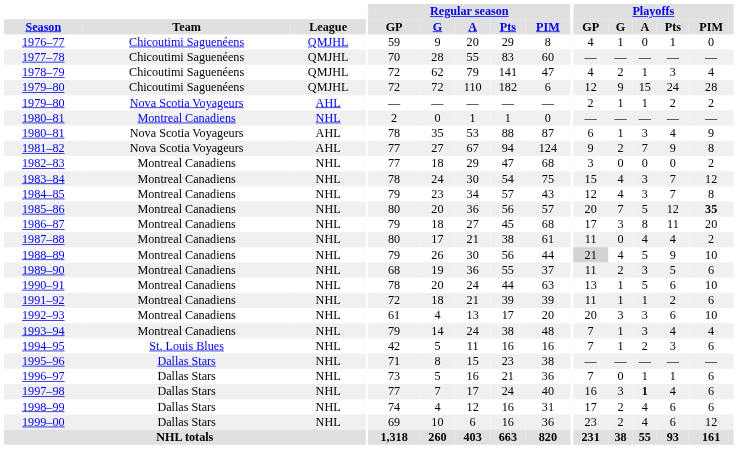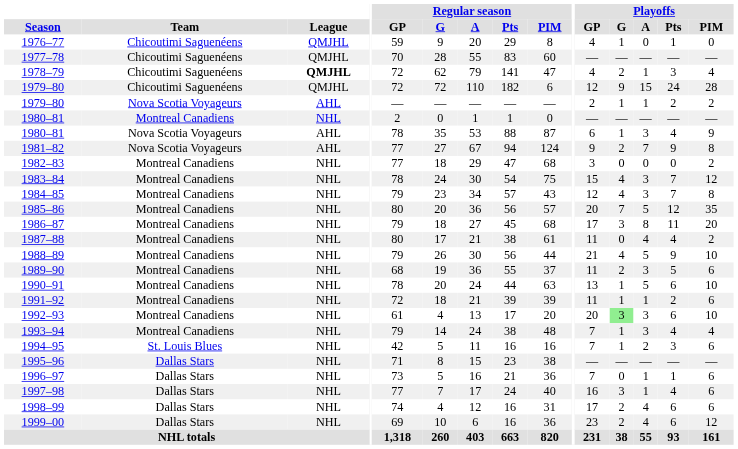 <table border="0" cellpadding="1" cellspacing="0" style="text-align:center; width:60em">
 <tr bgcolor="#e0e0e0">
 <th colspan="3" bgcolor="#ffffff"></th>
 <th rowspan="100" bgcolor="#ffffff"></th>
 <th colspan="5"><a href='#'>Regular season</a></th>
 <th rowspan="100" bgcolor="#ffffff"></th>
 <th colspan="5"><a href='#'>Playoffs</a></th>
 </tr>
 <tr bgcolor="#e0e0e0">
 <th><a href='#'>Season</a></th>
 <th>Team</th>
 <th>League</th>
 <th>GP</th>
 <th><a href='#'>G</a></th>
 <th><a href='#'>A</a></th>
 <th><a href='#'>Pts</a></th>
 <th><a href='#'>PIM</a></th>
 <th>GP</th>
 <th>G</th>
 <th>A</th>
 <th>Pts</th>
 <th>PIM</th>
 </tr>
 <tr>
 <td><a href='#'>1976–77</a></td>
 <td><a href='#'>Chicoutimi Saguenéens</a></td>
 <td><a href='#'>QMJHL</a></td>
 <td>59</td>
 <td>9</td>
 <td>20</td>
 <td>29</td>
 <td>8</td>
 <td>4</td>
 <td>1</td>
 <td>0</td>
 <td>1</td>
 <td>0</td>
 </tr>
 <tr bgcolor="#f0f0f0">
 <td><a href='#'>1977–78</a></td>
 <td>Chicoutimi Saguenéens</td>
 <td>QMJHL</td>
 <td>70</td>
 <td>28</td>
 <td>55</td>
 <td>83</td>
 <td>60</td>
 <td>—</td>
 <td>—</td>
 <td>—</td>
 <td>—</td>
 <td>—</td>
 </tr>
 <tr>
 <td><a href='#'>1978–79</a></td>
 <td>Chicoutimi Saguenéens</td>
-<td>QMJHL</td>
+<td><strong>QMJHL</strong></td>
 <td>72</td>
 <td>62</td>
 <td>79</td>
 <td>141</td>
 <td>47</td>
 <td>4</td>
 <td>2</td>
 <td>1</td>
 <td>3</td>
 <td>4</td>
 </tr>
 <tr bgcolor="#f0f0f0">
 <td><a href='#'>1979–80</a></td>
 <td>Chicoutimi Saguenéens</td>
 <td>QMJHL</td>
 <td>72</td>
 <td>72</td>
 <td>110</td>
 <td>182</td>
 <td>6</td>
 <td>12</td>
 <td>9</td>
 <td>15</td>
 <td>24</td>
 <td>28</td>
 </tr>
 <tr>
 <td><a href='#'>1979–80</a></td>
 <td><a href='#'>Nova Scotia Voyageurs</a></td>
 <td><a href='#'>AHL</a></td>
 <td>—</td>
 <td>—</td>
 <td>—</td>
 <td>—</td>
 <td>—</td>
 <td>2</td>
 <td>1</td>
 <td>1</td>
 <td>2</td>
 <td>2</td>
 </tr>
 <tr bgcolor="#f0f0f0">
 <td><a href='#'>1980–81</a></td>
 <td><a href='#'>Montreal Canadiens</a></td>
 <td><a href='#'>NHL</a></td>
 <td>2</td>
 <td>0</td>
 <td>1</td>
 <td>1</td>
 <td>0</td>
 <td>—</td>
 <td>—</td>
 <td>—</td>
 <td>—</td>
 <td>—</td>
 </tr>
 <tr>
 <td><a href='#'>1980–81</a></td>
 <td>Nova Scotia Voyageurs</td>
 <td>AHL</td>
 <td>78</td>
 <td>35</td>
 <td>53</td>
 <td>88</td>
 <td>87</td>
 <td>6</td>
 <td>1</td>
 <td>3</td>
 <td>4</td>
 <td>9</td>
 </tr>
 <tr bgcolor="#f0f0f0">
 <td><a href='#'>1981–82</a></td>
 <td>Nova Scotia Voyageurs</td>
 <td>AHL</td>
 <td>77</td>
 <td>27</td>
 <td>67</td>
 <td>94</td>
 <td>124</td>
 <td>9</td>
 <td>2</td>
 <td>7</td>
 <td>9</td>
 <td>8</td>
 </tr>
 <tr>
 <td><a href='#'>1982–83</a></td>
 <td>Montreal Canadiens</td>
 <td>NHL</td>
 <td>77</td>
 <td>18</td>
 <td>29</td>
 <td>47</td>
 <td>68</td>
 <td>3</td>
 <td>0</td>
 <td>0</td>
 <td>0</td>
 <td>2</td>
 </tr>
 <tr bgcolor="#f0f0f0">
 <td><a href='#'>1983–84</a></td>
 <td>Montreal Canadiens</td>
 <td>NHL</td>
 <td>78</td>
 <td>24</td>
 <td>30</td>
 <td>54</td>
 <td>75</td>
 <td>15</td>
 <td>4</td>
 <td>3</td>
 <td>7</td>
 <td>12</td>
 </tr>
 <tr>
 <td><a href='#'>1984–85</a></td>
 <td>Montreal Canadiens</td>
 <td>NHL</td>
 <td>79</td>
 <td>23</td>
 <td>34</td>
 <td>57</td>
 <td>43</td>
 <td>12</td>
 <td>4</td>
 <td>3</td>
 <td>7</td>
 <td>8</td>
 </tr>
 <tr bgcolor="#f0f0f0">
 <td><a href='#'>1985–86</a></td>
 <td>Montreal Canadiens</td>
 <td>NHL</td>
 <td>80</td>
 <td>20</td>
 <td>36</td>
 <td>56</td>
 <td>57</td>
 <td>20</td>
 <td>7</td>
 <td>5</td>
 <td>12</td>
-<td><strong>35</strong></td>
+<td>35</td>
 </tr>
 <tr>
 <td><a href='#'>1986–87</a></td>
 <td>Montreal Canadiens</td>
 <td>NHL</td>
 <td>79</td>
 <td>18</td>
 <td>27</td>
 <td>45</td>
 <td>68</td>
 <td>17</td>
 <td>3</td>
 <td>8</td>
 <td>11</td>
 <td>20</td>
 </tr>
 <tr bgcolor="#f0f0f0">
 <td><a href='#'>1987–88</a></td>
 <td>Montreal Canadiens</td>
 <td>NHL</td>
 <td>80</td>
 <td>17</td>
 <td>21</td>
 <td>38</td>
 <td>61</td>
 <td>11</td>
 <td>0</td>
 <td>4</td>
 <td>4</td>
 <td>2</td>
 </tr>
 <tr>
 <td><a href='#'>1988–89</a></td>
 <td>Montreal Canadiens</td>
 <td>NHL</td>
 <td>79</td>
 <td>26</td>
 <td>30</td>
 <td>56</td>
 <td>44</td>
-<td style="background: lightgrey;">21</td>
+<td>21</td>
 <td>4</td>
 <td>5</td>
 <td>9</td>
 <td>10</td>
 </tr>
 <tr bgcolor="#f0f0f0">
 <td><a href='#'>1989–90</a></td>
 <td>Montreal Canadiens</td>
 <td>NHL</td>
 <td>68</td>
 <td>19</td>
 <td>36</td>
 <td>55</td>
 <td>37</td>
 <td>11</td>
 <td>2</td>
 <td>3</td>
 <td>5</td>
 <td>6</td>
 </tr>
 <tr>
 <td><a href='#'>1990–91</a></td>
 <td>Montreal Canadiens</td>
 <td>NHL</td>
 <td>78</td>
 <td>20</td>
 <td>24</td>
 <td>44</td>
 <td>63</td>
 <td>13</td>
 <td>1</td>
 <td>5</td>
 <td>6</td>
 <td>10</td>
 </tr>
 <tr bgcolor="#f0f0f0">
 <td><a href='#'>1991–92</a></td>
 <td>Montreal Canadiens</td>
 <td>NHL</td>
 <td>72</td>
 <td>18</td>
 <td>21</td>
 <td>39</td>
 <td>39</td>
 <td>11</td>
 <td>1</td>
 <td>1</td>
 <td>2</td>
 <td>6</td>
 </tr>
 <tr>
 <td><a href='#'>1992–93</a></td>
 <td>Montreal Canadiens</td>
 <td>NHL</td>
 <td>61</td>
 <td>4</td>
 <td>13</td>
 <td>17</td>
 <td>20</td>
 <td>20</td>
-<td>3</td>
+<td style="background: lightgreen;">3</td>
 <td>3</td>
 <td>6</td>
 <td>10</td>
 </tr>
 <tr bgcolor="#f0f0f0">
 <td><a href='#'>1993–94</a></td>
 <td>Montreal Canadiens</td>
 <td>NHL</td>
 <td>79</td>
 <td>14</td>
 <td>24</td>
 <td>38</td>
 <td>48</td>
 <td>7</td>
 <td>1</td>
 <td>3</td>
 <td>4</td>
 <td>4</td>
 </tr>
 <tr>
 <td><a href='#'>1994–95</a></td>
 <td><a href='#'>St. Louis Blues</a></td>
 <td>NHL</td>
 <td>42</td>
 <td>5</td>
 <td>11</td>
 <td>16</td>
 <td>16</td>
 <td>7</td>
 <td>1</td>
 <td>2</td>
 <td>3</td>
 <td>6</td>
 </tr>
 <tr bgcolor="#f0f0f0">
 <td><a href='#'>1995–96</a></td>
 <td><a href='#'>Dallas Stars</a></td>
 <td>NHL</td>
 <td>71</td>
 <td>8</td>
 <td>15</td>
 <td>23</td>
 <td>38</td>
 <td>—</td>
 <td>—</td>
 <td>—</td>
 <td>—</td>
 <td>—</td>
 </tr>
 <tr>
 <td><a href='#'>1996–97</a></td>
 <td>Dallas Stars</td>
 <td>NHL</td>
 <td>73</td>
 <td>5</td>
 <td>16</td>
 <td>21</td>
 <td>36</td>
 <td>7</td>
 <td>0</td>
 <td>1</td>
 <td>1</td>
 <td>6</td>
 </tr>
 <tr bgcolor="#f0f0f0">
 <td><a href='#'>1997–98</a></td>
 <td>Dallas Stars</td>
 <td>NHL</td>
 <td>77</td>
 <td>7</td>
 <td>17</td>
 <td>24</td>
 <td>40</td>
 <td>16</td>
 <td>3</td>
-<td><strong>1</strong></td>
+<td>1</td>
 <td>4</td>
 <td>6</td>
 </tr>
 <tr>
 <td><a href='#'>1998–99</a></td>
 <td>Dallas Stars</td>
 <td>NHL</td>
 <td>74</td>
 <td>4</td>
 <td>12</td>
 <td>16</td>
 <td>31</td>
 <td>17</td>
 <td>2</td>
 <td>4</td>
 <td>6</td>
 <td>6</td>
 </tr>
 <tr bgcolor="#f0f0f0">
 <td><a href='#'>1999–00</a></td>
 <td>Dallas Stars</td>
 <td>NHL</td>
 <td>69</td>
 <td>10</td>
 <td>6</td>
 <td>16</td>
 <td>36</td>
 <td>23</td>
 <td>2</td>
 <td>4</td>
 <td>6</td>
 <td>12</td>
 </tr>
 <tr bgcolor="#e0e0e0">
 <th colspan="3">NHL totals</th>
 <th>1,318</th>
 <th>260</th>
 <th>403</th>
 <th>663</th>
 <th>820</th>
 <th>231</th>
 <th>38</th>
 <th>55</th>
 <th>93</th>
 <th>161</th>
 </tr>
 </table>
